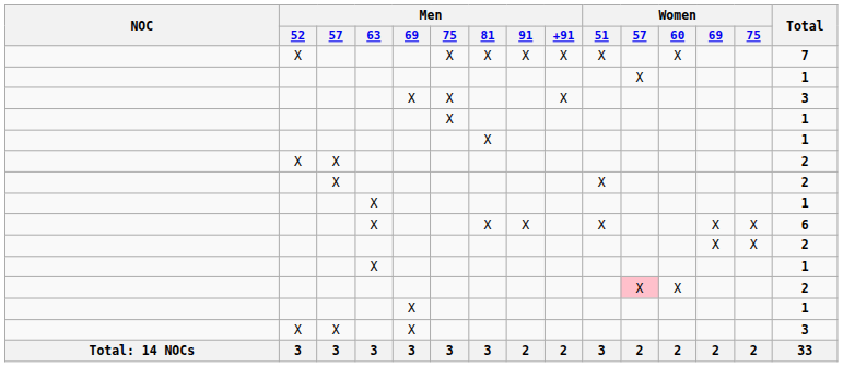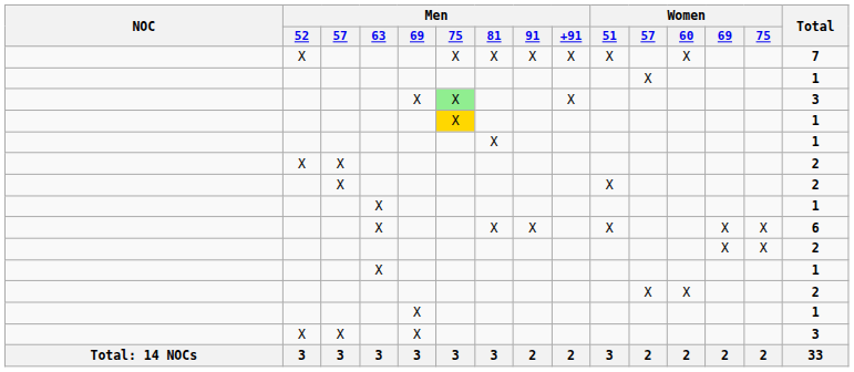 <table class="wikitable" style="text-align:center; font-size:90%">
 <tr>
 <th rowspan=2 width=250>NOC</th>
 <th colspan=8>Men</th>
 <th colspan=5>Women</th>
 <th rowspan=2 width=55>Total</th>
 </tr>
 <tr style="font-size: 95%">
 <th width=30><a href='#'>52</a></th>
 <th width=30><a href='#'>57</a></th>
 <th width=30><a href='#'>63</a></th>
 <th width=30><a href='#'>69</a></th>
 <th width=30><a href='#'>75</a></th>
 <th width=30><a href='#'>81</a></th>
 <th width=30><a href='#'>91</a></th>
 <th width=30><a href='#'>+91</a></th>
 <th width=30><a href='#'>51</a></th>
 <th width=30><a href='#'>57</a></th>
 <th width=30><a href='#'>60</a></th>
 <th width=30><a href='#'>69</a></th>
 <th width=30><a href='#'>75</a></th>
 </tr>
 <tr>
 <td align=left></td>
 <td>X</td>
 <td></td>
 <td></td>
 <td></td>
 <td>X</td>
 <td>X</td>
 <td>X</td>
 <td>X</td>
 <td>X</td>
 <td></td>
 <td>X</td>
 <td></td>
 <td></td>
 <td><strong>7</strong></td>
 </tr>
 <tr>
 <td align=left></td>
 <td></td>
 <td></td>
 <td></td>
 <td></td>
 <td></td>
 <td></td>
 <td></td>
 <td></td>
 <td></td>
 <td>X</td>
 <td></td>
 <td></td>
 <td></td>
 <td><strong>1</strong></td>
 </tr>
 <tr>
 <td align=left></td>
 <td></td>
 <td></td>
 <td></td>
 <td>X</td>
-<td>X</td>
+<td style="background: lightgreen;">X</td>
 <td></td>
 <td></td>
 <td>X</td>
 <td></td>
 <td></td>
 <td></td>
 <td></td>
 <td></td>
 <td><strong>3</strong></td>
 </tr>
 <tr>
 <td align=left></td>
 <td></td>
 <td></td>
 <td></td>
 <td></td>
-<td>X</td>
+<td style="background: gold;">X</td>
 <td></td>
 <td></td>
 <td></td>
 <td></td>
 <td></td>
 <td></td>
 <td></td>
 <td></td>
 <td><strong>1</strong></td>
 </tr>
 <tr>
 <td align=left></td>
 <td></td>
 <td></td>
 <td></td>
 <td></td>
 <td></td>
 <td>X</td>
 <td></td>
 <td></td>
 <td></td>
 <td></td>
 <td></td>
 <td></td>
 <td></td>
 <td><strong>1</strong></td>
 </tr>
 <tr>
 <td align=left></td>
 <td>X</td>
 <td>X</td>
 <td></td>
 <td></td>
 <td></td>
 <td></td>
 <td></td>
 <td></td>
 <td></td>
 <td></td>
 <td></td>
 <td></td>
 <td></td>
 <td><strong>2</strong></td>
 </tr>
 <tr>
 <td align=left></td>
 <td></td>
 <td>X</td>
 <td></td>
 <td></td>
 <td></td>
 <td></td>
 <td></td>
 <td></td>
 <td>X</td>
 <td></td>
 <td></td>
 <td></td>
 <td></td>
 <td><strong>2</strong></td>
 </tr>
 <tr>
 <td align=left></td>
 <td></td>
 <td></td>
 <td>X</td>
 <td></td>
 <td></td>
 <td></td>
 <td></td>
 <td></td>
 <td></td>
 <td></td>
 <td></td>
 <td></td>
 <td></td>
 <td><strong>1</strong></td>
 </tr>
 <tr>
 <td align=left></td>
 <td></td>
 <td></td>
 <td>X</td>
 <td></td>
 <td></td>
 <td>X</td>
 <td>X</td>
 <td></td>
 <td>X</td>
 <td></td>
 <td></td>
 <td>X</td>
 <td>X</td>
 <td><strong>6</strong></td>
 </tr>
 <tr>
 <td align=left></td>
 <td></td>
 <td></td>
 <td></td>
 <td></td>
 <td></td>
 <td></td>
 <td></td>
 <td></td>
 <td></td>
 <td></td>
 <td></td>
 <td>X</td>
 <td>X</td>
 <td><strong>2</strong></td>
 </tr>
 <tr>
 <td align=left></td>
 <td></td>
 <td></td>
 <td>X</td>
 <td></td>
 <td></td>
 <td></td>
 <td></td>
 <td></td>
 <td></td>
 <td></td>
 <td></td>
 <td></td>
 <td></td>
 <td><strong>1</strong></td>
 </tr>
 <tr>
 <td align=left></td>
 <td></td>
 <td></td>
 <td></td>
 <td></td>
 <td></td>
 <td></td>
 <td></td>
 <td></td>
 <td></td>
-<td style="background: pink;">X</td>
+<td>X</td>
 <td>X</td>
 <td></td>
 <td></td>
 <td><strong>2</strong></td>
 </tr>
 <tr>
 <td align=left></td>
 <td></td>
 <td></td>
 <td></td>
 <td>X</td>
 <td></td>
 <td></td>
 <td></td>
 <td></td>
 <td></td>
 <td></td>
 <td></td>
 <td></td>
 <td></td>
 <td><strong>1</strong></td>
 </tr>
 <tr>
 <td align=left></td>
 <td>X</td>
 <td>X</td>
 <td></td>
 <td>X</td>
 <td></td>
 <td></td>
 <td></td>
 <td></td>
 <td></td>
 <td></td>
 <td></td>
 <td></td>
 <td></td>
 <td><strong>3</strong></td>
 </tr>
 <tr>
 <th>Total: 14 NOCs</th>
 <th>3</th>
 <th>3</th>
 <th>3</th>
 <th>3</th>
 <th>3</th>
 <th>3</th>
 <th>2</th>
 <th>2</th>
 <th>3</th>
 <th>2</th>
 <th>2</th>
 <th>2</th>
 <th>2</th>
 <th>33</th>
 </tr>
 </table>
